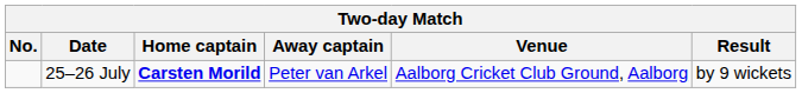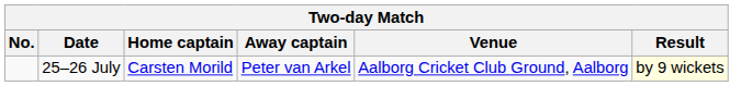 <table class="wikitable">
 <tr>
 <th colspan="9">Two-day Match</th>
 </tr>
 <tr>
 <th>No.</th>
 <th>Date</th>
 <th>Home captain</th>
 <th>Away captain</th>
 <th>Venue</th>
 <th>Result</th>
 </tr>
 <tr>
 <td></td>
 <td>25–26 July</td>
-<td><strong><a href='#'>Carsten Morild</a></strong></td>
+<td><a href='#'>Carsten Morild</a></td>
 <td><a href='#'>Peter van Arkel</a></td>
 <td><a href='#'>Aalborg Cricket Club Ground</a>, <a href='#'>Aalborg</a></td>
-<td> by 9 wickets</td>
+<td style="background: lightyellow;"> by 9 wickets</td>
 </tr>
 </table>
